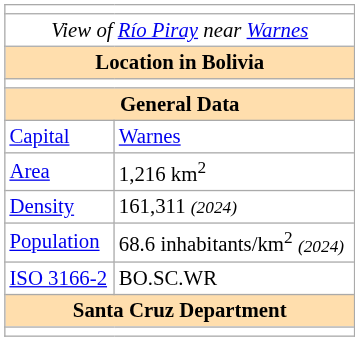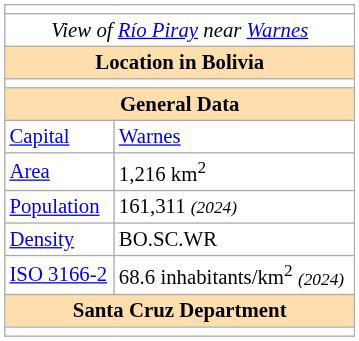 <table border=1 align=right cellpadding=3 cellspacing=0 width=270 style="margin: 0 0 1em 1em; border: 1px #aaa solid; border-collapse: collapse;">
 <tr>
 <td colspan="2" align="center" bgcolor="#ffffff"></td>
 </tr>
 <tr>
 <td colspan="2" align="center" bgcolor="#ffffff"><em>View of <a href='#'>Río Piray</a> near <a href='#'>Warnes</a></em></td>
 </tr>
 <tr>
 <th colspan="2" bgcolor="#FFDEAD">Location in Bolivia</th>
 </tr>
 <tr>
 <td colspan="2" align="center" bgcolor="#ffffff"></td>
 </tr>
 <tr>
 <th colspan="2" bgcolor="#FFDEAD">General Data</th>
 </tr>
 <tr>
 <td><a href='#'>Capital</a></td>
 <td><a href='#'>Warnes</a></td>
 </tr>
 <tr>
 <td><a href='#'>Area</a></td>
 <td>1,216 km<sup>2</sup></td>
 </tr>
 <tr>
-<td><a href='#'>Density</a></td>
+<td><a href='#'>Population</a></td>
 <td>161,311 <em><small>(2024)</small></em></td>
 </tr>
 <tr>
-<td><a href='#'>Population</a></td>
-<td>68.6 inhabitants/km<sup>2</sup> <em><small>(2024)</small></em></td>
+<td><a href='#'>Density</a></td>
+<td>BO.SC.WR</td>
 </tr>
 <tr>
 <td><a href='#'>ISO 3166-2</a></td>
-<td>BO.SC.WR</td>
+<td>68.6 inhabitants/km<sup>2</sup> <em><small>(2024)</small></em></td>
 </tr>
 <tr>
 <th colspan="2" bgcolor="#FFDEAD">Santa Cruz Department</th>
 </tr>
 <tr>
 <td colspan="2" align="center" bgcolor="#ffffff"></td>
 </tr>
 </table>
